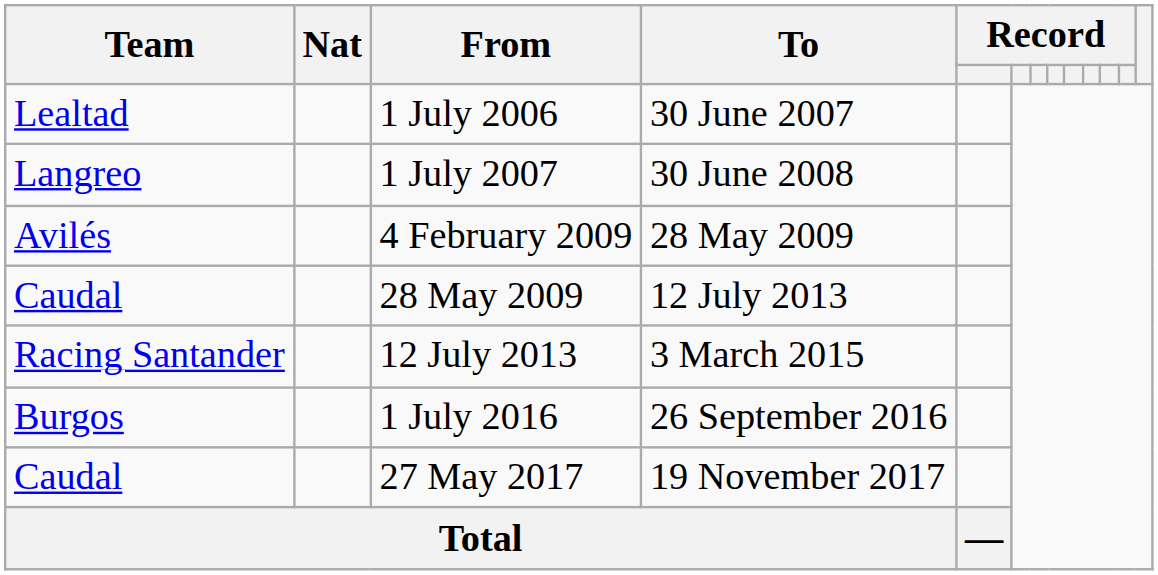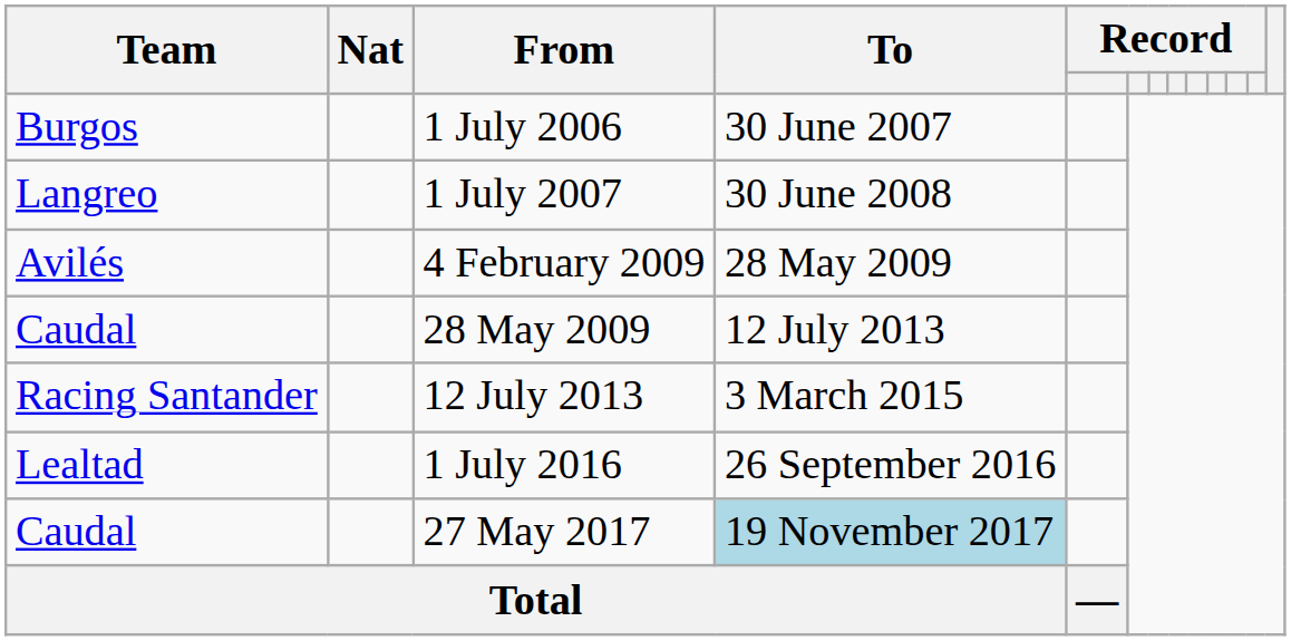 <table class="wikitable" style="text-align: center">
 <tr>
 <th rowspan="2">Team</th>
 <th rowspan="2">Nat</th>
 <th rowspan="2">From</th>
 <th rowspan="2">To</th>
 <th colspan="8">Record</th>
 <th rowspan=2></th>
 </tr>
 <tr>
 <th></th>
 <th></th>
 <th></th>
 <th></th>
 <th></th>
 <th></th>
 <th></th>
 <th></th>
 </tr>
 <tr>
-<td align=left><a href='#'>Lealtad</a></td>
+<td align=left><a href='#'>Burgos</a></td>
 <td></td>
 <td align=left>1 July 2006</td>
 <td align=left>30 June 2007<br></td>
 <td></td>
 </tr>
 <tr>
 <td align=left><a href='#'>Langreo</a></td>
 <td></td>
 <td align=left>1 July 2007</td>
 <td align=left>30 June 2008<br></td>
 <td></td>
 </tr>
 <tr>
 <td align=left><a href='#'>Avilés</a></td>
 <td></td>
 <td align=left>4 February 2009</td>
 <td align=left>28 May 2009<br></td>
 <td></td>
 </tr>
 <tr>
 <td align=left><a href='#'>Caudal</a></td>
 <td></td>
 <td align=left>28 May 2009</td>
 <td align=left>12 July 2013<br></td>
 <td></td>
 </tr>
 <tr>
 <td align=left><a href='#'>Racing Santander</a></td>
 <td></td>
 <td align=left>12 July 2013</td>
 <td align=left>3 March 2015<br></td>
 <td></td>
 </tr>
 <tr>
-<td align=left><a href='#'>Burgos</a></td>
+<td align=left><a href='#'>Lealtad</a></td>
 <td></td>
 <td align=left>1 July 2016</td>
 <td align=left>26 September 2016<br></td>
 <td></td>
 </tr>
 <tr>
 <td align=left><a href='#'>Caudal</a></td>
 <td></td>
 <td align=left>27 May 2017</td>
-<td align=left>19 November 2017<br></td>
+<td align=left style="background: lightblue;">19 November 2017<br></td>
 <td></td>
 </tr>
 <tr>
 <th colspan="4">Total<br></th>
 <th>—</th>
 </tr>
 </table>
